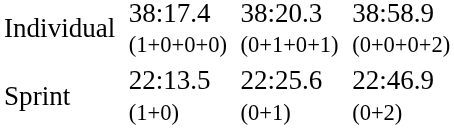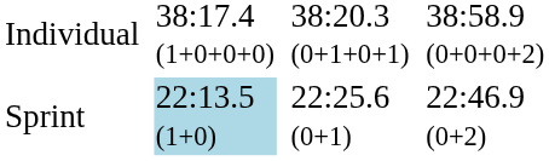 <table>
 <tr>
 <td>Individual</td>
 <td></td>
 <td>38:17.4<br><small>(1+0+0+0)</small></td>
 <td></td>
 <td>38:20.3<br><small>(0+1+0+1)</small></td>
 <td></td>
 <td>38:58.9<br><small>(0+0+0+2)</small></td>
 </tr>
 <tr>
 <td>Sprint</td>
 <td></td>
-<td>22:13.5<br><small>(1+0)</small></td>
+<td style="background: lightblue;">22:13.5<br><small>(1+0)</small></td>
 <td></td>
 <td>22:25.6<br><small>(0+1)</small></td>
 <td></td>
 <td>22:46.9<br><small>(0+2)</small></td>
 </tr>
 </table>
